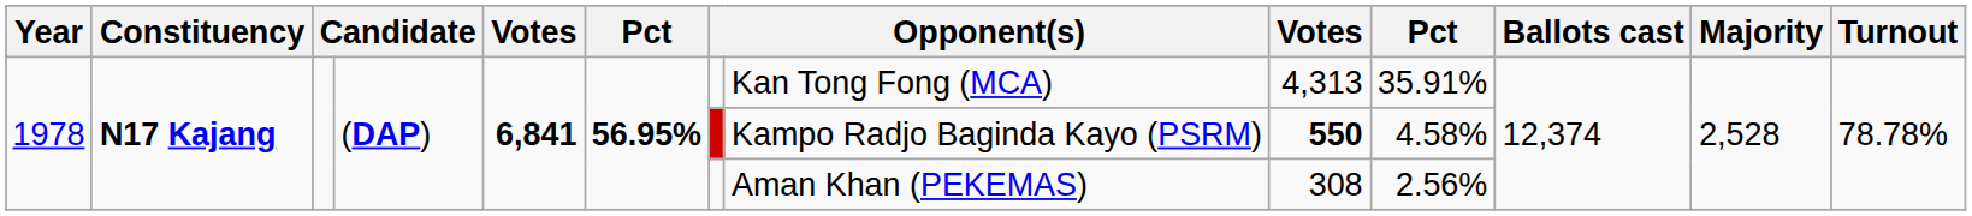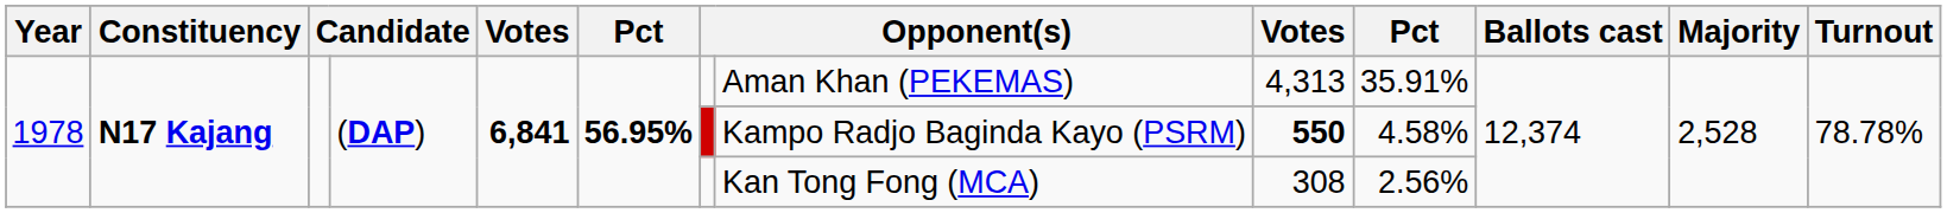 <table class="wikitable" style="margin:0.5em ; font-size:95%">
 <tr>
 <th>Year</th>
 <th>Constituency</th>
 <th colspan=2>Candidate</th>
 <th>Votes</th>
 <th>Pct</th>
 <th colspan=2>Opponent(s)</th>
 <th>Votes</th>
 <th>Pct</th>
 <th>Ballots cast</th>
 <th>Majority</th>
 <th>Turnout</th>
 </tr>
 <tr>
 <td rowspan=3><a href='#'>1978</a></td>
 <td rowspan=3><strong>N17 <a href='#'>Kajang</a></strong></td>
 <td rowspan=3 ></td>
 <td rowspan=3> (<a href='#'><strong>DAP</strong></a>)</td>
 <td rowspan=3 align=right><strong>6,841</strong></td>
 <td rowspan=3><strong>56.95%</strong></td>
 <td></td>
-<td>Kan Tong Fong (<a href='#'>MCA</a>)</td>
+<td>Aman Khan (<a href='#'>PEKEMAS</a>)</td>
 <td align="right">4,313</td>
 <td>35.91%</td>
 <td rowspan=3>12,374</td>
 <td rowspan=3>2,528</td>
 <td rowspan=3>78.78%</td>
 </tr>
 <tr>
 <td bgcolor="#D00000"></td>
 <td>Kampo Radjo Baginda Kayo (<a href='#'>PSRM</a>)</td>
 <td align=right><strong>550</strong></td>
 <td align=right>4.58%</td>
 </tr>
 <tr>
 <td></td>
-<td>Aman Khan (<a href='#'>PEKEMAS</a>)</td>
+<td>Kan Tong Fong (<a href='#'>MCA</a>)</td>
 <td align=right>308</td>
 <td align=right>2.56%</td>
 </tr>
 </table>
